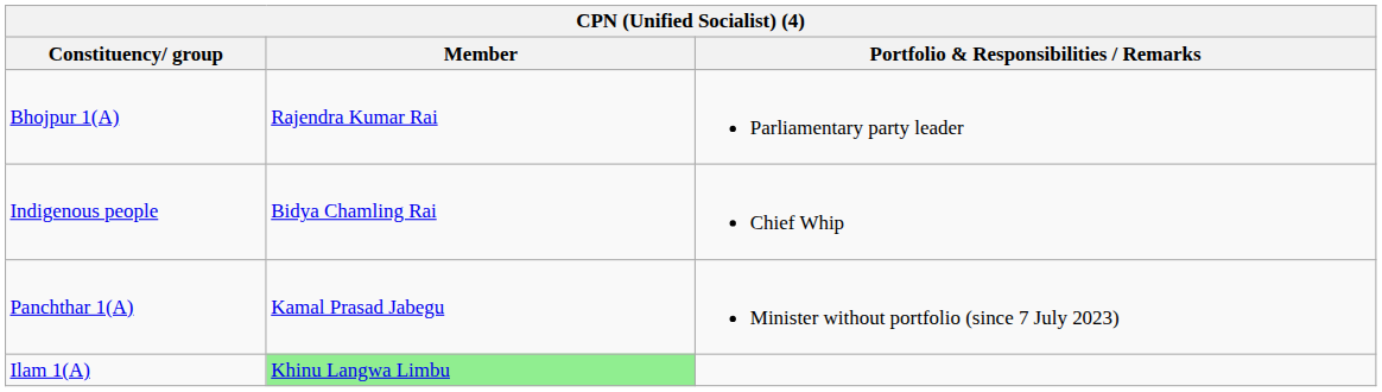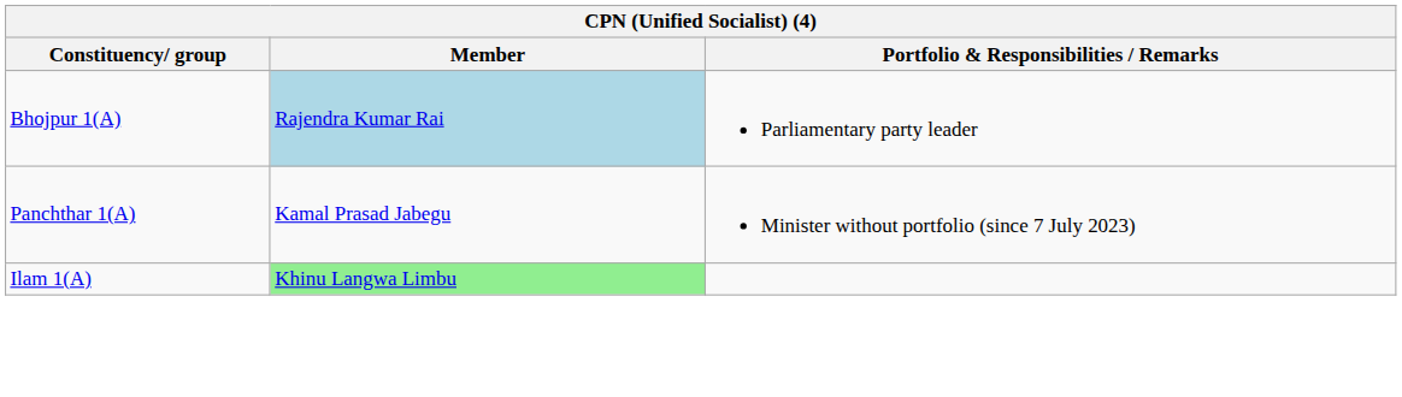 <table class="wikitable sortable mw-collapsible mw-collapsed">
 <tr>
 <th colspan="3" style="width: 800pt; background:">CPN (Unified Socialist) (4)</th>
 </tr>
 <tr>
 <th style="width:150pt;">Constituency/ group</th>
 <th style="width:250pt;">Member</th>
 <th style="width:400pt;">Portfolio & Responsibilities / Remarks</th>
 </tr>
 <tr>
 <td><a href='#'>Bhojpur 1(A)</a></td>
-<td><a href='#'>Rajendra Kumar Rai</a></td>
+<td style="background: lightblue;"><a href='#'>Rajendra Kumar Rai</a></td>
 <td><br><ul><li>Parliamentary party leader</li></ul></td>
-</tr>
-<tr>
-<td><a href='#'>Indigenous people</a></td>
-<td><a href='#'>Bidya Chamling Rai</a></td>
-<td><br><ul><li>Chief Whip</li></ul></td>
 </tr>
 <tr>
 <td><a href='#'>Panchthar 1(A)</a></td>
 <td><a href='#'>Kamal Prasad Jabegu</a></td>
 <td><br><ul><li>Minister without portfolio (since 7 July 2023)</li></ul></td>
 </tr>
 <tr>
 <td><a href='#'>Ilam 1(A)</a></td>
 <td style="background: lightgreen;"><a href='#'>Khinu Langwa Limbu</a></td>
 <td></td>
 </tr>
 </table>
